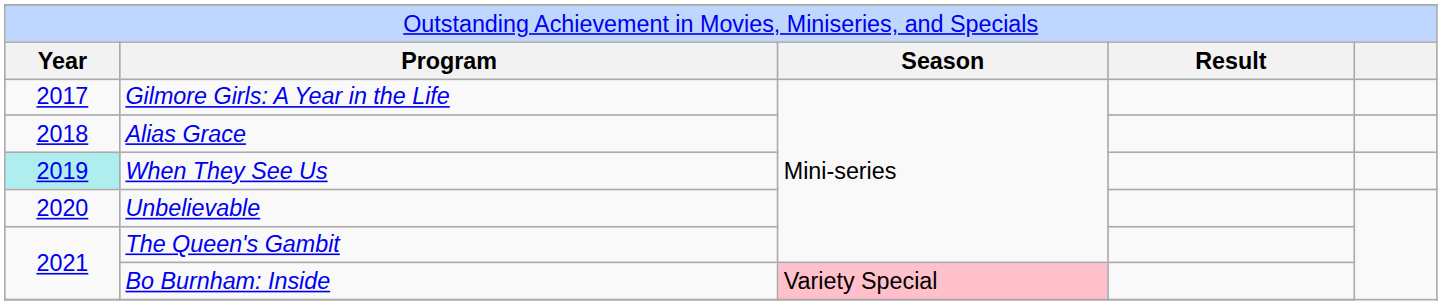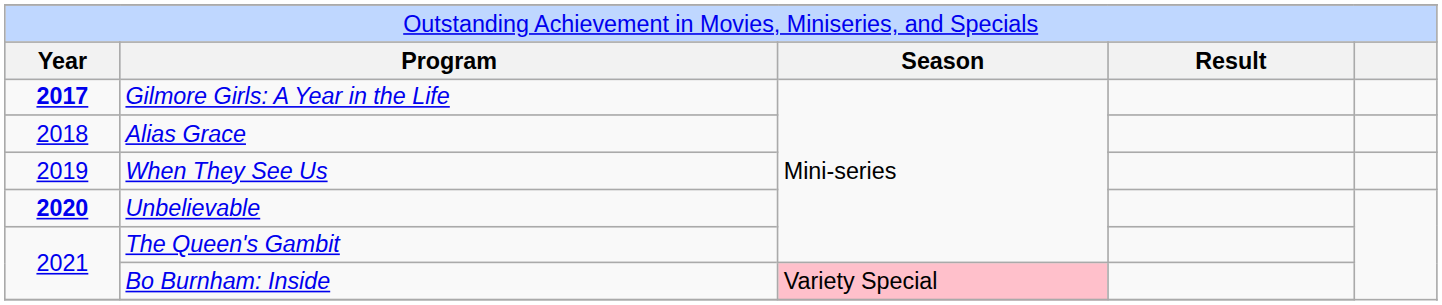 <table class="wikitable plainrowheaders" style="font-size: 90%" width=70%>
 <tr>
 </tr>
 <tr ---- bgcolor="#bfd7ff">
 <td colspan=5 align=center><a href='#'>Outstanding Achievement in Movies, Miniseries, and Specials</a></td>
 </tr>
 <tr ---- bgcolor="#ebf5ff">
 <th scope="col" style="width:7%;">Year</th>
 <th scope="col" style="width:40%;">Program</th>
 <th scope="col" style="width:20%;">Season</th>
 <th scope="col" style="width:15%;">Result</th>
 <th scope="col" class="unsortable" style="width:5%;"></th>
 </tr>
 <tr>
-<td style="text-align:center;"><a href='#'>2017</a></td>
+<td style="text-align:center;"><strong><a href='#'>2017</a></strong></td>
 <td><em><a href='#'>Gilmore Girls: A Year in the Life</a></em></td>
 <td rowspan=5>Mini-series</td>
 <td></td>
 <td style="text-align:center;"></td>
 </tr>
 <tr>
 <td style="text-align:center;"><a href='#'>2018</a></td>
 <td><em><a href='#'>Alias Grace</a></em></td>
 <td></td>
 <td style="text-align:center;"></td>
 </tr>
 <tr>
-<td style="background: paleturquoise; text-align:center;"><a href='#'>2019</a></td>
+<td style="text-align:center;"><a href='#'>2019</a></td>
 <td><em><a href='#'>When They See Us</a></em></td>
 <td></td>
 <td style="text-align:center;"></td>
 </tr>
 <tr>
-<td style="text-align:center;"><a href='#'>2020</a></td>
+<td style="text-align:center;"><strong><a href='#'>2020</a></strong></td>
 <td><em><a href='#'>Unbelievable</a></em></td>
 <td></td>
 </tr>
 <tr>
 <td rowspan="2" style="text-align:center;"><a href='#'>2021</a></td>
 <td><em><a href='#'>The Queen's Gambit</a></em></td>
 <td></td>
 </tr>
 <tr>
 <td><em><a href='#'>Bo Burnham: Inside</a></em></td>
 <td style="background: pink;">Variety Special</td>
 <td></td>
 </tr>
 <tr>
 </tr>
 </table>
